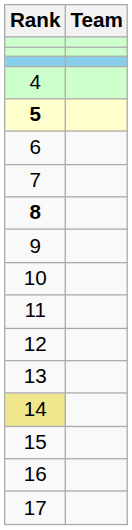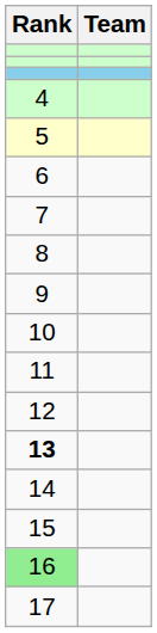 <table class="wikitable" style="text-align:center;">
 <tr>
 <th width=40>Rank</th>
 <th>Team</th>
 </tr>
 <tr bgcolor=#ccffcc>
 <td></td>
 <td style="text-align:left;"></td>
 </tr>
 <tr bgcolor=#ccffcc>
 <td></td>
 <td style="text-align:left;"></td>
 </tr>
 <tr bgcolor=#87ceeb>
 <td></td>
 <td style="text-align:left;"></td>
 </tr>
 <tr bgcolor=#ccffcc>
 <td>4</td>
 <td style="text-align:left;"></td>
 </tr>
 <tr bgcolor=#ffffcc>
-<td><strong>5</strong></td>
+<td>5</td>
 <td style="text-align:left;"></td>
 </tr>
 <tr>
 <td>6</td>
 <td style="text-align:left;"></td>
 </tr>
 <tr>
 <td>7</td>
 <td style="text-align:left;"></td>
 </tr>
 <tr>
-<td><strong>8</strong></td>
+<td>8</td>
 <td style="text-align:left;"></td>
 </tr>
 <tr>
 <td>9</td>
 <td style="text-align:left;"></td>
 </tr>
 <tr>
 <td>10</td>
 <td style="text-align:left;"></td>
 </tr>
 <tr>
 <td>11</td>
 <td style="text-align:left;"></td>
 </tr>
 <tr>
 <td>12</td>
 <td style="text-align:left;"></td>
 </tr>
 <tr>
-<td>13</td>
+<td><strong>13</strong></td>
 <td style="text-align:left;"></td>
 </tr>
 <tr>
-<td style="background: khaki;">14</td>
+<td>14</td>
 <td style="text-align:left;"></td>
 </tr>
 <tr>
 <td>15</td>
 <td style="text-align:left;"></td>
 </tr>
 <tr>
-<td>16</td>
+<td style="background: lightgreen;">16</td>
 <td style="text-align:left;"></td>
 </tr>
 <tr>
 <td>17</td>
 <td style="text-align:left;"></td>
 </tr>
 </table>
